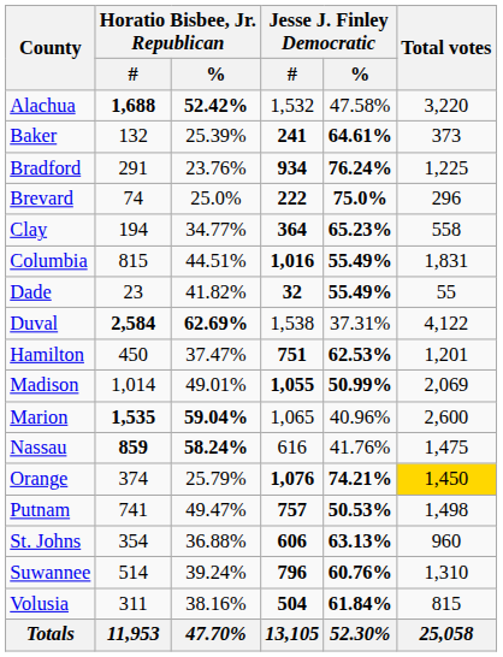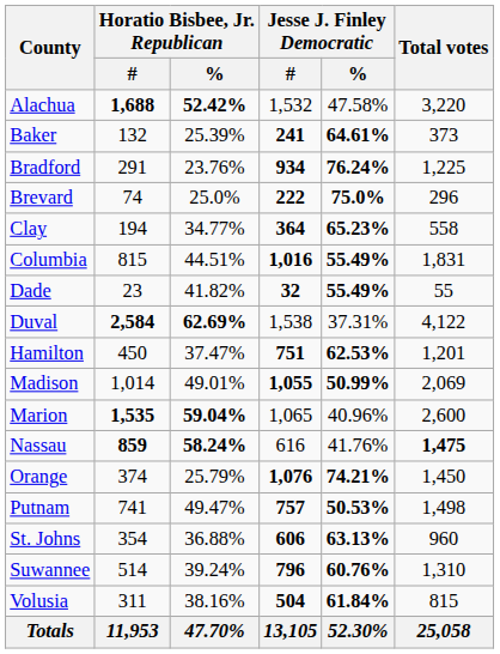 <table class="wikitable sortable">
 <tr>
 <th rowspan="2">County</th>
 <th colspan="2" style="text-align: center;" >Horatio Bisbee, Jr. <br> <em>Republican</em></th>
 <th colspan="2" style="text-align: center;" >Jesse J. Finley <br><em>Democratic</em></th>
 <th rowspan="2">Total votes</th>
 </tr>
 <tr>
 <th colspan="1" style="text-align: center;" >#</th>
 <th colspan="1" style="text-align: center;" >%</th>
 <th colspan="1" style="text-align: center;" >#</th>
 <th colspan="1" style="text-align: center;" >%</th>
 </tr>
 <tr>
 <td><a href='#'>Alachua</a></td>
 <td align="center"><strong>1,688</strong></td>
 <td align="center"><strong>52.42%</strong></td>
 <td align="center">1,532</td>
 <td align="center">47.58%</td>
 <td align="center">3,220</td>
 </tr>
 <tr>
 <td><a href='#'>Baker</a></td>
 <td align="center">132</td>
 <td align="center">25.39%</td>
 <td align="center"><strong>241</strong></td>
 <td align="center"><strong>64.61%</strong></td>
 <td align="center">373</td>
 </tr>
 <tr>
 <td><a href='#'>Bradford</a></td>
 <td align="center">291</td>
 <td align="center">23.76%</td>
 <td align="center"><strong>934</strong></td>
 <td align="center"><strong>76.24%</strong></td>
 <td align="center">1,225</td>
 </tr>
 <tr>
 <td><a href='#'>Brevard</a></td>
 <td align="center">74</td>
 <td align="center">25.0%</td>
 <td align="center"><strong>222</strong></td>
 <td align="center"><strong>75.0%</strong></td>
 <td align="center">296</td>
 </tr>
 <tr>
 <td><a href='#'>Clay</a></td>
 <td align="center">194</td>
 <td align="center">34.77%</td>
 <td align="center"><strong>364</strong></td>
 <td align="center"><strong>65.23%</strong></td>
 <td align="center">558</td>
 </tr>
 <tr>
 <td><a href='#'>Columbia</a></td>
 <td align="center">815</td>
 <td align="center">44.51%</td>
 <td align="center"><strong>1,016</strong></td>
 <td align="center"><strong>55.49%</strong></td>
 <td align="center">1,831</td>
 </tr>
 <tr>
 <td><a href='#'>Dade</a></td>
 <td align="center">23</td>
 <td align="center">41.82%</td>
 <td align="center"><strong>32</strong></td>
 <td align="center"><strong>55.49%</strong></td>
 <td align="center">55</td>
 </tr>
 <tr>
 <td><a href='#'>Duval</a></td>
 <td align="center"><strong>2,584</strong></td>
 <td align="center"><strong>62.69%</strong></td>
 <td align="center">1,538</td>
 <td align="center">37.31%</td>
 <td align="center">4,122</td>
 </tr>
 <tr>
 <td><a href='#'>Hamilton</a></td>
 <td align="center">450</td>
 <td align="center">37.47%</td>
 <td align="center"><strong>751</strong></td>
 <td align="center"><strong>62.53%</strong></td>
 <td align="center">1,201</td>
 </tr>
 <tr>
 <td><a href='#'>Madison</a></td>
 <td align="center">1,014</td>
 <td align="center">49.01%</td>
 <td align="center"><strong>1,055</strong></td>
 <td align="center"><strong>50.99%</strong></td>
 <td align="center">2,069</td>
 </tr>
 <tr>
 <td><a href='#'>Marion</a></td>
 <td align="center"><strong>1,535</strong></td>
 <td align="center"><strong>59.04%</strong></td>
 <td align="center">1,065</td>
 <td align="center">40.96%</td>
 <td align="center">2,600</td>
 </tr>
 <tr>
 <td><a href='#'>Nassau</a></td>
 <td align="center"><strong>859</strong></td>
 <td align="center"><strong>58.24%</strong></td>
 <td align="center">616</td>
 <td align="center">41.76%</td>
-<td align="center">1,475</td>
+<td align="center"><strong>1,475</strong></td>
 </tr>
 <tr>
 <td><a href='#'>Orange</a></td>
 <td align="center">374</td>
 <td align="center">25.79%</td>
 <td align="center"><strong>1,076</strong></td>
 <td align="center"><strong>74.21%</strong></td>
-<td align="center" style="background: gold;">1,450</td>
+<td align="center">1,450</td>
 </tr>
 <tr>
 <td><a href='#'>Putnam</a></td>
 <td align="center">741</td>
 <td align="center">49.47%</td>
 <td align="center"><strong>757</strong></td>
 <td align="center"><strong>50.53%</strong></td>
 <td align="center">1,498</td>
 </tr>
 <tr>
 <td><a href='#'>St. Johns</a></td>
 <td align="center">354</td>
 <td align="center">36.88%</td>
 <td align="center"><strong>606</strong></td>
 <td align="center"><strong>63.13%</strong></td>
 <td align="center">960</td>
 </tr>
 <tr>
 <td><a href='#'>Suwannee</a></td>
 <td align="center">514</td>
 <td align="center">39.24%</td>
 <td align="center"><strong>796</strong></td>
 <td align="center"><strong>60.76%</strong></td>
 <td align="center">1,310</td>
 </tr>
 <tr>
 <td><a href='#'>Volusia</a></td>
 <td align="center">311</td>
 <td align="center">38.16%</td>
 <td align="center"><strong>504</strong></td>
 <td align="center"><strong>61.84%</strong></td>
 <td align="center">815</td>
 </tr>
 <tr>
 <th><em>Totals</em></th>
 <th><em>11,953</em></th>
 <th><em>47.70%</em></th>
 <th><em>13,105</em></th>
 <th><em>52.30%</em></th>
 <th><em>25,058</em></th>
 </tr>
 </table>
